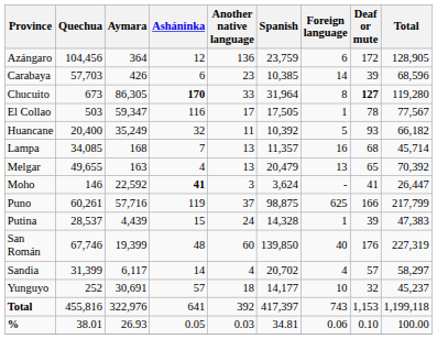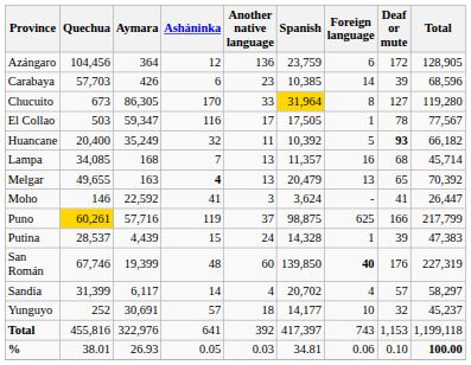 <table class="wikitable" style="width:35%;">
 <tr bgcolor=#EFEFEF>
 <th>Province</th>
 <th>Quechua</th>
 <th>Aymara</th>
 <th><a href='#'>Asháninka</a></th>
 <th>Another native language</th>
 <th>Spanish</th>
 <th>Foreign language</th>
 <th>Deaf or mute</th>
 <th>Total</th>
 </tr>
 <tr>
 <td>Azángaro</td>
 <td align="right">104,456</td>
 <td align="right">364</td>
 <td align="right">12</td>
 <td align="right">136</td>
 <td align="right">23,759</td>
 <td align="right">6</td>
 <td align="right">172</td>
 <td align="right">128,905</td>
 </tr>
 <tr>
 <td>Carabaya</td>
 <td align="right">57,703</td>
 <td align="right">426</td>
 <td align="right">6</td>
 <td align="right">23</td>
 <td align="right">10,385</td>
 <td align="right">14</td>
 <td align="right">39</td>
 <td align="right">68,596</td>
 </tr>
 <tr>
 <td>Chucuito</td>
 <td align="right">673</td>
 <td align="right">86,305</td>
-<td align="right"><strong>170</strong></td>
+<td align="right">170</td>
 <td align="right">33</td>
-<td align="right">31,964</td>
+<td align="right" style="background: gold;">31,964</td>
 <td align="right">8</td>
-<td align="right"><strong>127</strong></td>
+<td align="right">127</td>
 <td align="right">119,280</td>
 </tr>
 <tr>
 <td>El Collao</td>
 <td align="right">503</td>
 <td align="right">59,347</td>
 <td align="right">116</td>
 <td align="right">17</td>
 <td align="right">17,505</td>
 <td align="right">1</td>
 <td align="right">78</td>
 <td align="right">77,567</td>
 </tr>
 <tr>
 <td>Huancane</td>
 <td align="right">20,400</td>
 <td align="right">35,249</td>
 <td align="right">32</td>
 <td align="right">11</td>
 <td align="right">10,392</td>
 <td align="right">5</td>
-<td align="right">93</td>
+<td align="right"><strong>93</strong></td>
 <td align="right">66,182</td>
 </tr>
 <tr>
 <td>Lampa</td>
 <td align="right">34,085</td>
 <td align="right">168</td>
 <td align="right">7</td>
 <td align="right">13</td>
 <td align="right">11,357</td>
 <td align="right">16</td>
 <td align="right">68</td>
 <td align="right">45,714</td>
 </tr>
 <tr>
 <td>Melgar</td>
 <td align="right">49,655</td>
 <td align="right">163</td>
-<td align="right">4</td>
+<td align="right"><strong>4</strong></td>
 <td align="right">13</td>
 <td align="right">20,479</td>
 <td align="right">13</td>
 <td align="right">65</td>
 <td align="right">70,392</td>
 </tr>
 <tr>
 <td>Moho</td>
 <td align="right">146</td>
 <td align="right">22,592</td>
-<td align="right"><strong>41</strong></td>
+<td align="right">41</td>
 <td align="right">3</td>
 <td align="right">3,624</td>
 <td align="right">-</td>
 <td align="right">41</td>
 <td align="right">26,447</td>
 </tr>
 <tr>
 <td>Puno</td>
-<td align="right">60,261</td>
+<td align="right" style="background: gold;">60,261</td>
 <td align="right">57,716</td>
 <td align="right">119</td>
 <td align="right">37</td>
 <td align="right">98,875</td>
 <td align="right">625</td>
 <td align="right">166</td>
 <td align="right">217,799</td>
 </tr>
 <tr>
 <td>Putina</td>
 <td align="right">28,537</td>
 <td align="right">4,439</td>
 <td align="right">15</td>
 <td align="right">24</td>
 <td align="right">14,328</td>
 <td align="right">1</td>
 <td align="right">39</td>
 <td align="right">47,383</td>
 </tr>
 <tr>
 <td>San Román</td>
 <td align="right">67,746</td>
 <td align="right">19,399</td>
 <td align="right">48</td>
 <td align="right">60</td>
 <td align="right">139,850</td>
-<td align="right">40</td>
+<td align="right"><strong>40</strong></td>
 <td align="right">176</td>
 <td align="right">227,319</td>
 </tr>
 <tr>
 <td>Sandia</td>
 <td align="right">31,399</td>
 <td align="right">6,117</td>
 <td align="right">14</td>
 <td align="right">4</td>
 <td align="right">20,702</td>
 <td align="right">4</td>
 <td align="right">57</td>
 <td align="right">58,297</td>
 </tr>
 <tr>
 <td>Yunguyo</td>
 <td align="right">252</td>
 <td align="right">30,691</td>
 <td align="right">57</td>
 <td align="right">18</td>
 <td align="right">14,177</td>
 <td align="right">10</td>
 <td align="right">32</td>
 <td align="right">45,237</td>
 </tr>
 <tr>
 <td><strong>Total</strong></td>
 <td align="right">455,816</td>
 <td align="right">322,976</td>
 <td align="right">641</td>
 <td align="right">392</td>
 <td align="right">417,397</td>
 <td align="right">743</td>
 <td align="right">1,153</td>
 <td align="right">1,199,118</td>
 </tr>
 <tr>
 <td><strong>%</strong></td>
 <td align="right">38.01</td>
 <td align="right">26.93</td>
 <td align="right">0.05</td>
 <td align="right">0.03</td>
 <td align="right">34.81</td>
 <td align="right">0.06</td>
 <td align="right">0.10</td>
-<td align="right">100.00</td>
+<td align="right"><strong>100.00</strong></td>
 </tr>
 <tr>
 </tr>
 </table>
